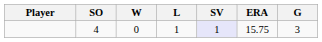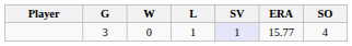 <table class="wikitable sortable">
 <tr>
 <th bgcolor="#DDDDFF" width="16%">Player</th>
-<th bgcolor="#DDDDFF" width="9%">SO</th>
+<th bgcolor="#DDDDFF" width="9%">G</th>
 <th bgcolor="#DDDDFF" width="9%">W</th>
 <th bgcolor="#DDDDFF" width="9%">L</th>
 <th bgcolor="#DDDDFF" width="9%">SV</th>
 <th bgcolor="#DDDDFF" width="9%">ERA</th>
-<th bgcolor="#DDDDFF" width="9%">G</th>
+<th bgcolor="#DDDDFF" width="9%">SO</th>
 </tr>
 <tr align="center">
 <td></td>
-<td>4</td>
+<td>3</td>
 <td>0</td>
 <td>1</td>
 <td style="background: lavender;">1</td>
-<td>15.75</td>
-<td>3</td>
+<td>15.77</td>
+<td>4</td>
 </tr>
 </table>
